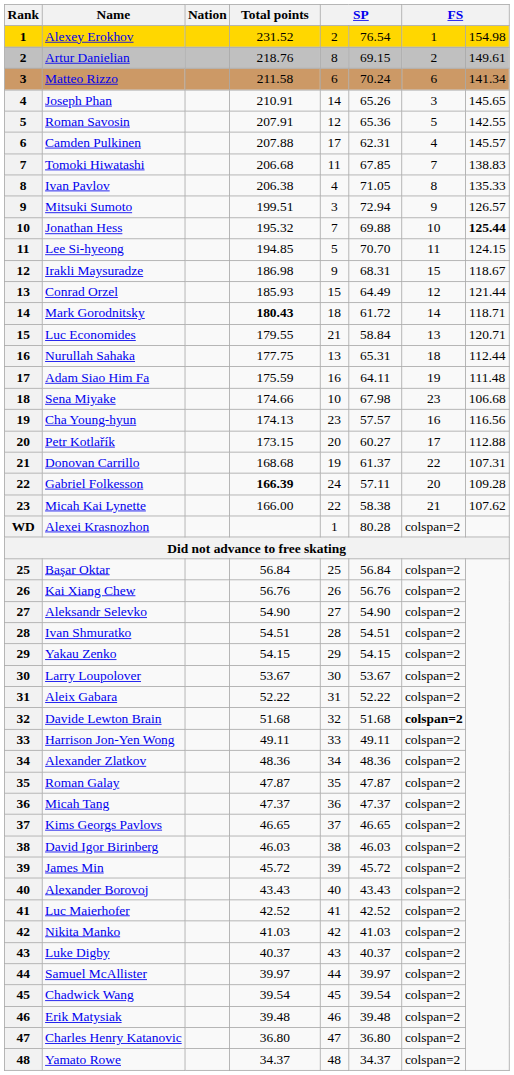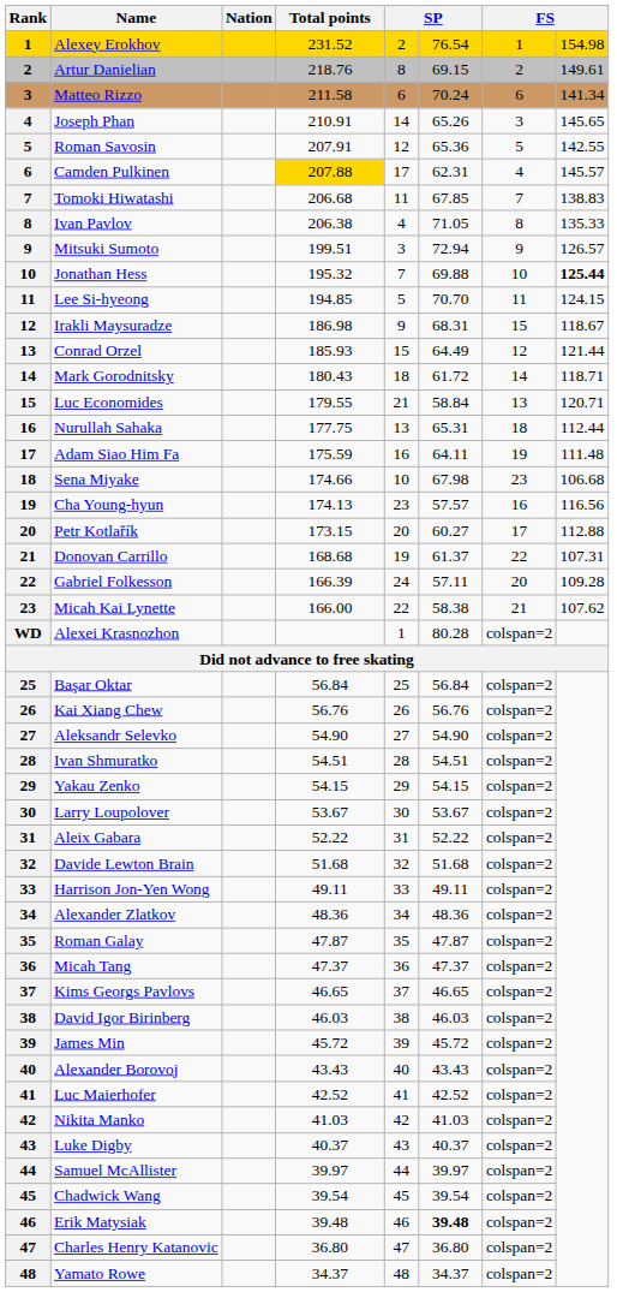 <table class="wikitable sortable">
 <tr>
 <th>Rank</th>
 <th>Name</th>
 <th>Nation</th>
 <th width="100px">Total points</th>
 <th colspan="2" width="90px"><a href='#'>SP</a></th>
 <th colspan="2" width="90px"><a href='#'>FS</a></th>
 </tr>
 <tr bgcolor="gold">
 <td align="center" bgcolor="gold"><strong>1</strong></td>
 <td><a href='#'>Alexey Erokhov</a></td>
 <td></td>
 <td align="center">231.52</td>
 <td align="center">2</td>
 <td align="center">76.54</td>
 <td align="center">1</td>
 <td align="center">154.98</td>
 </tr>
 <tr bgcolor="silver">
 <td align="center" bgcolor="silver"><strong>2</strong></td>
 <td><a href='#'>Artur Danielian</a></td>
 <td></td>
 <td align="center">218.76</td>
 <td align="center">8</td>
 <td align="center">69.15</td>
 <td align="center">2</td>
 <td align="center">149.61</td>
 </tr>
 <tr bgcolor="#cc9966">
 <td align="center" bgcolor="#cc9966"><strong>3</strong></td>
 <td><a href='#'>Matteo Rizzo</a></td>
 <td></td>
 <td align="center">211.58</td>
 <td align="center">6</td>
 <td align="center">70.24</td>
 <td align="center">6</td>
 <td align="center">141.34</td>
 </tr>
 <tr>
 <th>4</th>
 <td><a href='#'>Joseph Phan</a></td>
 <td></td>
 <td align="center">210.91</td>
 <td align="center">14</td>
 <td align="center">65.26</td>
 <td align="center">3</td>
 <td align="center">145.65</td>
 </tr>
 <tr>
 <th>5</th>
 <td><a href='#'>Roman Savosin</a></td>
 <td></td>
 <td align="center">207.91</td>
 <td align="center">12</td>
 <td align="center">65.36</td>
 <td align="center">5</td>
 <td align="center">142.55</td>
 </tr>
 <tr>
 <th>6</th>
 <td><a href='#'>Camden Pulkinen</a></td>
 <td></td>
-<td align="center">207.88</td>
+<td align="center" style="background: gold;">207.88</td>
 <td align="center">17</td>
 <td align="center">62.31</td>
 <td align="center">4</td>
 <td align="center">145.57</td>
 </tr>
 <tr>
 <th>7</th>
 <td><a href='#'>Tomoki Hiwatashi</a></td>
 <td></td>
 <td align="center">206.68</td>
 <td align="center">11</td>
 <td align="center">67.85</td>
 <td align="center">7</td>
 <td align="center">138.83</td>
 </tr>
 <tr>
 <th>8</th>
 <td><a href='#'>Ivan Pavlov</a></td>
 <td></td>
 <td align="center">206.38</td>
 <td align="center">4</td>
 <td align="center">71.05</td>
 <td align="center">8</td>
 <td align="center">135.33</td>
 </tr>
 <tr>
 <th>9</th>
 <td><a href='#'>Mitsuki Sumoto</a></td>
 <td></td>
 <td align="center">199.51</td>
 <td align="center">3</td>
 <td align="center">72.94</td>
 <td align="center">9</td>
 <td align="center">126.57</td>
 </tr>
 <tr>
 <th>10</th>
 <td><a href='#'>Jonathan Hess</a></td>
 <td></td>
 <td align="center">195.32</td>
 <td align="center">7</td>
 <td align="center">69.88</td>
 <td align="center">10</td>
 <td align="center"><strong>125.44</strong></td>
 </tr>
 <tr>
 <th>11</th>
 <td><a href='#'>Lee Si-hyeong</a></td>
 <td></td>
 <td align="center">194.85</td>
 <td align="center">5</td>
 <td align="center">70.70</td>
 <td align="center">11</td>
 <td align="center">124.15</td>
 </tr>
 <tr>
 <th>12</th>
 <td><a href='#'>Irakli Maysuradze</a></td>
 <td></td>
 <td align="center">186.98</td>
 <td align="center">9</td>
 <td align="center">68.31</td>
 <td align="center">15</td>
 <td align="center">118.67</td>
 </tr>
 <tr>
 <th>13</th>
 <td><a href='#'>Conrad Orzel</a></td>
 <td></td>
 <td align="center">185.93</td>
 <td align="center">15</td>
 <td align="center">64.49</td>
 <td align="center">12</td>
 <td align="center">121.44</td>
 </tr>
 <tr>
 <th>14</th>
 <td><a href='#'>Mark Gorodnitsky</a></td>
 <td></td>
-<td align="center"><strong>180.43</strong></td>
+<td align="center">180.43</td>
 <td align="center">18</td>
 <td align="center">61.72</td>
 <td align="center">14</td>
 <td align="center">118.71</td>
 </tr>
 <tr>
 <th>15</th>
 <td><a href='#'>Luc Economides</a></td>
 <td></td>
 <td align="center">179.55</td>
 <td align="center">21</td>
 <td align="center">58.84</td>
 <td align="center">13</td>
 <td align="center">120.71</td>
 </tr>
 <tr>
 <th>16</th>
 <td><a href='#'>Nurullah Sahaka</a></td>
 <td></td>
 <td align="center">177.75</td>
 <td align="center">13</td>
 <td align="center">65.31</td>
 <td align="center">18</td>
 <td align="center">112.44</td>
 </tr>
 <tr>
 <th>17</th>
 <td><a href='#'>Adam Siao Him Fa</a></td>
 <td></td>
 <td align="center">175.59</td>
 <td align="center">16</td>
 <td align="center">64.11</td>
 <td align="center">19</td>
 <td align="center">111.48</td>
 </tr>
 <tr>
 <th>18</th>
 <td><a href='#'>Sena Miyake</a></td>
 <td></td>
 <td align="center">174.66</td>
 <td align="center">10</td>
 <td align="center">67.98</td>
 <td align="center">23</td>
 <td align="center">106.68</td>
 </tr>
 <tr>
 <th>19</th>
 <td><a href='#'>Cha Young-hyun</a></td>
 <td></td>
 <td align="center">174.13</td>
 <td align="center">23</td>
 <td align="center">57.57</td>
 <td align="center">16</td>
 <td align="center">116.56</td>
 </tr>
 <tr>
 <th>20</th>
 <td><a href='#'>Petr Kotlařík</a></td>
 <td></td>
 <td align="center">173.15</td>
 <td align="center">20</td>
 <td align="center">60.27</td>
 <td align="center">17</td>
 <td align="center">112.88</td>
 </tr>
 <tr>
 <th>21</th>
 <td><a href='#'>Donovan Carrillo</a></td>
 <td></td>
 <td align="center">168.68</td>
 <td align="center">19</td>
 <td align="center">61.37</td>
 <td align="center">22</td>
 <td align="center">107.31</td>
 </tr>
 <tr>
 <th>22</th>
 <td><a href='#'>Gabriel Folkesson</a></td>
 <td></td>
-<td align="center"><strong>166.39</strong></td>
+<td align="center">166.39</td>
 <td align="center">24</td>
 <td align="center">57.11</td>
 <td align="center">20</td>
 <td align="center">109.28</td>
 </tr>
 <tr>
 <th>23</th>
 <td><a href='#'>Micah Kai Lynette</a></td>
 <td></td>
 <td align="center">166.00</td>
 <td align="center">22</td>
 <td align="center">58.38</td>
 <td align="center">21</td>
 <td align="center">107.62</td>
 </tr>
 <tr>
 <th>WD</th>
 <td><a href='#'>Alexei Krasnozhon</a></td>
 <td></td>
 <td align="center"></td>
 <td align="center">1</td>
 <td align="center">80.28</td>
 <td>colspan=2 </td>
 </tr>
 <tr>
 <th colspan=8>Did not advance to free skating</th>
 </tr>
 <tr>
 <th>25</th>
 <td><a href='#'>Başar Oktar</a></td>
 <td></td>
 <td align="center">56.84</td>
 <td align="center">25</td>
 <td align="center">56.84</td>
 <td>colspan=2 </td>
 </tr>
 <tr>
 <th>26</th>
 <td><a href='#'>Kai Xiang Chew</a></td>
 <td></td>
 <td align="center">56.76</td>
 <td align="center">26</td>
 <td align="center">56.76</td>
 <td>colspan=2 </td>
 </tr>
 <tr>
 <th>27</th>
 <td><a href='#'>Aleksandr Selevko</a></td>
 <td></td>
 <td align="center">54.90</td>
 <td align="center">27</td>
 <td align="center">54.90</td>
 <td>colspan=2 </td>
 </tr>
 <tr>
 <th>28</th>
 <td><a href='#'>Ivan Shmuratko</a></td>
 <td></td>
 <td align="center">54.51</td>
 <td align="center">28</td>
 <td align="center">54.51</td>
 <td>colspan=2 </td>
 </tr>
 <tr>
 <th>29</th>
 <td><a href='#'>Yakau Zenko</a></td>
 <td></td>
 <td align="center">54.15</td>
 <td align="center">29</td>
 <td align="center">54.15</td>
 <td>colspan=2 </td>
 </tr>
 <tr>
 <th>30</th>
 <td><a href='#'>Larry Loupolover</a></td>
 <td></td>
 <td align="center">53.67</td>
 <td align="center">30</td>
 <td align="center">53.67</td>
 <td>colspan=2 </td>
 </tr>
 <tr>
 <th>31</th>
 <td><a href='#'>Aleix Gabara</a></td>
 <td></td>
 <td align="center">52.22</td>
 <td align="center">31</td>
 <td align="center">52.22</td>
 <td>colspan=2 </td>
 </tr>
 <tr>
 <th>32</th>
 <td><a href='#'>Davide Lewton Brain</a></td>
 <td></td>
 <td align="center">51.68</td>
 <td align="center">32</td>
 <td align="center">51.68</td>
-<td><strong>colspan=2 </strong></td>
+<td>colspan=2 </td>
 </tr>
 <tr>
 <th>33</th>
 <td><a href='#'>Harrison Jon-Yen Wong</a></td>
 <td></td>
 <td align="center">49.11</td>
 <td align="center">33</td>
 <td align="center">49.11</td>
 <td>colspan=2 </td>
 </tr>
 <tr>
 <th>34</th>
 <td><a href='#'>Alexander Zlatkov</a></td>
 <td></td>
 <td align="center">48.36</td>
 <td align="center">34</td>
 <td align="center">48.36</td>
 <td>colspan=2 </td>
 </tr>
 <tr>
 <th>35</th>
 <td><a href='#'>Roman Galay</a></td>
 <td></td>
 <td align="center">47.87</td>
 <td align="center">35</td>
 <td align="center">47.87</td>
 <td>colspan=2 </td>
 </tr>
 <tr>
 <th>36</th>
 <td><a href='#'>Micah Tang</a></td>
 <td></td>
 <td align="center">47.37</td>
 <td align="center">36</td>
 <td align="center">47.37</td>
 <td>colspan=2 </td>
 </tr>
 <tr>
 <th>37</th>
 <td><a href='#'>Kims Georgs Pavlovs</a></td>
 <td></td>
 <td align="center">46.65</td>
 <td align="center">37</td>
 <td align="center">46.65</td>
 <td>colspan=2 </td>
 </tr>
 <tr>
 <th>38</th>
 <td><a href='#'>David Igor Birinberg</a></td>
 <td></td>
 <td align="center">46.03</td>
 <td align="center">38</td>
 <td align="center">46.03</td>
 <td>colspan=2 </td>
 </tr>
 <tr>
 <th>39</th>
 <td><a href='#'>James Min</a></td>
 <td></td>
 <td align="center">45.72</td>
 <td align="center">39</td>
 <td align="center">45.72</td>
 <td>colspan=2 </td>
 </tr>
 <tr>
 <th>40</th>
 <td><a href='#'>Alexander Borovoj</a></td>
 <td></td>
 <td align="center">43.43</td>
 <td align="center">40</td>
 <td align="center">43.43</td>
 <td>colspan=2 </td>
 </tr>
 <tr>
 <th>41</th>
 <td><a href='#'>Luc Maierhofer</a></td>
 <td></td>
 <td align="center">42.52</td>
 <td align="center">41</td>
 <td align="center">42.52</td>
 <td>colspan=2 </td>
 </tr>
 <tr>
 <th>42</th>
 <td><a href='#'>Nikita Manko</a></td>
 <td></td>
 <td align="center">41.03</td>
 <td align="center">42</td>
 <td align="center">41.03</td>
 <td>colspan=2 </td>
 </tr>
 <tr>
 <th>43</th>
 <td><a href='#'>Luke Digby</a></td>
 <td></td>
 <td align="center">40.37</td>
 <td align="center">43</td>
 <td align="center">40.37</td>
 <td>colspan=2 </td>
 </tr>
 <tr>
 <th>44</th>
 <td><a href='#'>Samuel McAllister</a></td>
 <td></td>
 <td align="center">39.97</td>
 <td align="center">44</td>
 <td align="center">39.97</td>
 <td>colspan=2 </td>
 </tr>
 <tr>
 <th>45</th>
 <td><a href='#'>Chadwick Wang</a></td>
 <td></td>
 <td align="center">39.54</td>
 <td align="center">45</td>
 <td align="center">39.54</td>
 <td>colspan=2 </td>
 </tr>
 <tr>
 <th>46</th>
 <td><a href='#'>Erik Matysiak</a></td>
 <td></td>
 <td align="center">39.48</td>
 <td align="center">46</td>
-<td align="center">39.48</td>
+<td align="center"><strong>39.48</strong></td>
 <td>colspan=2 </td>
 </tr>
 <tr>
 <th>47</th>
 <td><a href='#'>Charles Henry Katanovic</a></td>
 <td></td>
 <td align="center">36.80</td>
 <td align="center">47</td>
 <td align="center">36.80</td>
 <td>colspan=2 </td>
 </tr>
 <tr>
 <th>48</th>
 <td><a href='#'>Yamato Rowe</a></td>
 <td></td>
 <td align="center">34.37</td>
 <td align="center">48</td>
 <td align="center">34.37</td>
 <td>colspan=2 </td>
 </tr>
 </table>
